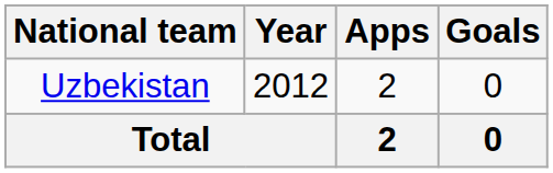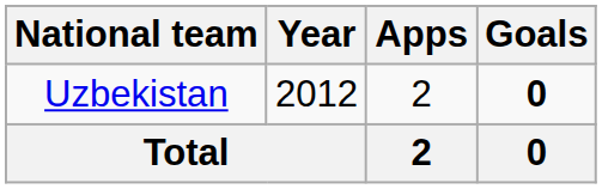 <table class=wikitable style=text-align:center>
 <tr>
 <th>National team</th>
 <th>Year</th>
 <th>Apps</th>
 <th>Goals</th>
 </tr>
 <tr>
 <td><a href='#'>Uzbekistan</a></td>
 <td>2012</td>
 <td>2</td>
-<td>0</td>
+<td><strong>0</strong></td>
 </tr>
 <tr>
 <th colspan=2>Total</th>
 <th>2</th>
 <th>0</th>
 </tr>
 </table>
